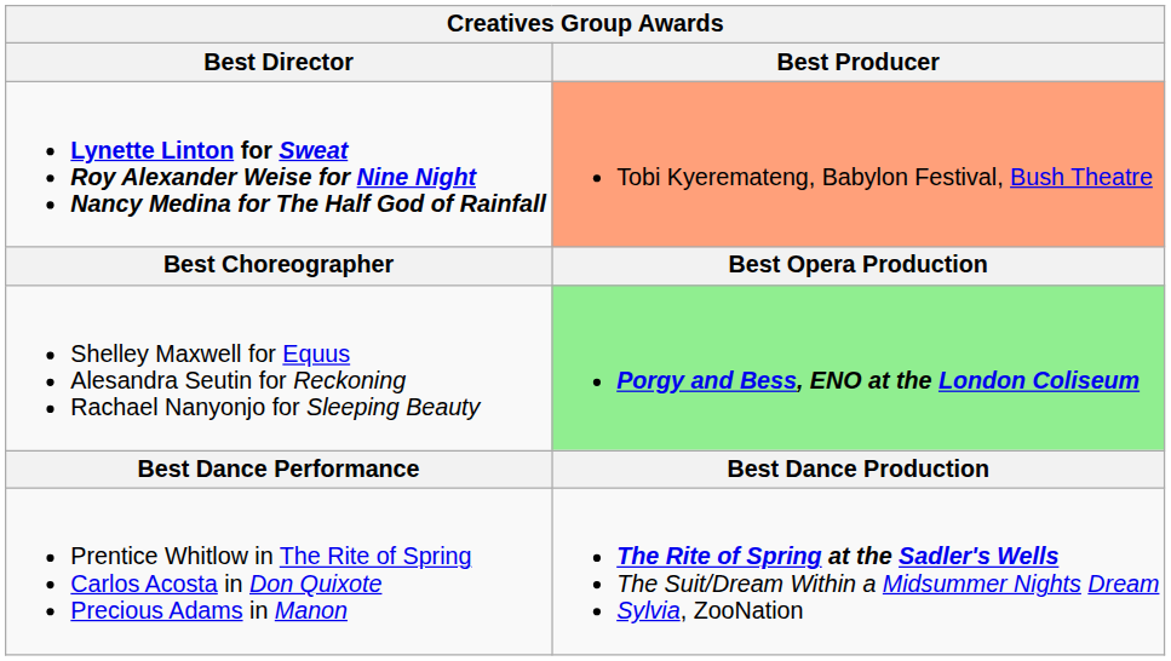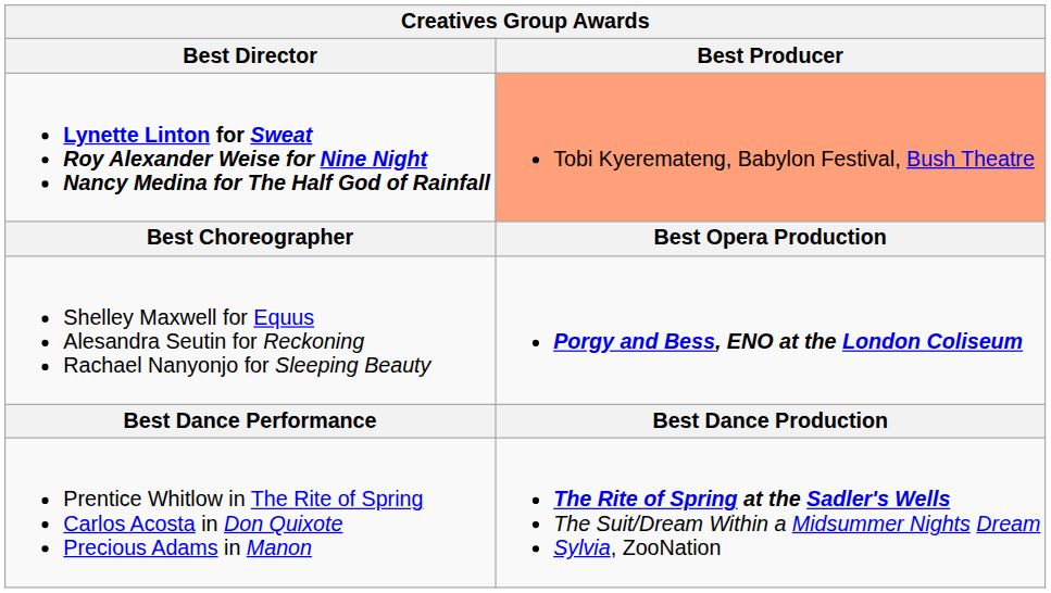 <table class="wikitable">
 <tr>
 <th colspan="2">Creatives Group Awards</th>
 </tr>
 <tr>
 <th>Best Director</th>
 <th>Best Producer</th>
 </tr>
 <tr>
 <td><br><ul><li><strong><a href='#'>Lynette Linton</a> for <em><a href='#'>Sweat</a><strong><em></li><li>Roy Alexander Weise for </em><a href='#'>Nine Night</a><em></li><li>Nancy Medina for </em>The Half God of Rainfall<em></li></ul></td>
 <td style="background: lightsalmon;"><br><ul><li>Tobi Kyeremateng, Babylon Festival, <a href='#'>Bush Theatre</a></li></ul></td>
 </tr>
 <tr>
 <th>Best Choreographer</th>
 <th>Best Opera Production</th>
 </tr>
 <tr>
 <td><br><ul><li></strong>Shelley Maxwell for </em><a href='#'>Equus</a></em></strong></li><li>Alesandra Seutin for <em>Reckoning</em></li><li>Rachael Nanyonjo for <em>Sleeping Beauty</em></li></ul></td>
-<td style="background: lightgreen;"><br><ul><li><strong><em><a href='#'>Porgy and Bess</a><em>, ENO at the <a href='#'>London Coliseum</a><strong></li></ul></td>
+<td><br><ul><li><strong><em><a href='#'>Porgy and Bess</a><em>, ENO at the <a href='#'>London Coliseum</a><strong></li></ul></td>
 </tr>
 <tr>
 <th>Best Dance Performance</th>
 <th>Best Dance Production</th>
 </tr>
 <tr>
 <td><br><ul><li></strong>Prentice Whitlow in </em><a href='#'>The Rite of Spring</a></em></strong></li><li><a href='#'>Carlos Acosta</a> in <em><a href='#'>Don Quixote</a></em></li><li><a href='#'>Precious Adams</a> in <em><a href='#'>Manon</a></em></li></ul></td>
 <td><br><ul><li><strong><em><a href='#'>The Rite of Spring</a> at the <a href='#'>Sadler's Wells</a></em></strong></li><li><em>The Suit/Dream Within a <a href='#'>Midsummer Nights</a></em> <a href='#'><em>Dream</em></a></li><li><em><a href='#'>Sylvia</a></em>, ZooNation</li></ul></td>
 </tr>
 </table>
